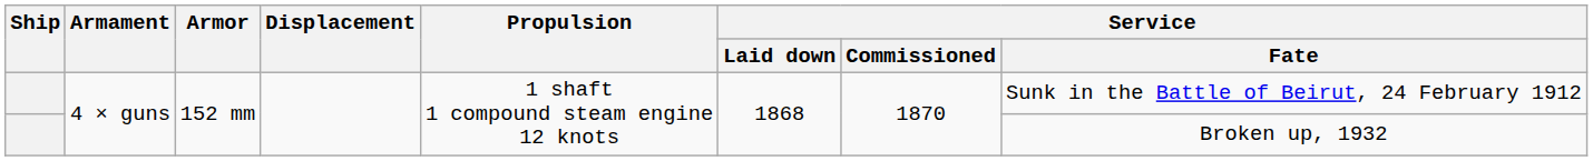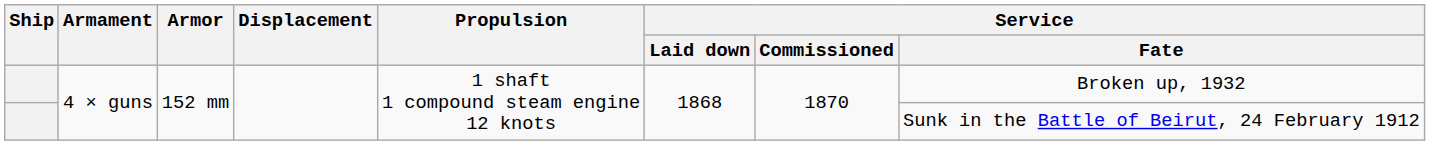 <table class="wikitable plainrowheaders" style="text-align: center;">
 <tr valign="top">
 <th scope="col" rowspan="2">Ship</th>
 <th scope="col" rowspan="2">Armament</th>
 <th scope="col" rowspan="2">Armor</th>
 <th scope="col" rowspan="2">Displacement</th>
 <th scope="col" rowspan="2">Propulsion</th>
 <th scope="col" colspan="3">Service</th>
 </tr>
 <tr valign="top">
 <th scope="col">Laid down</th>
 <th scope="col">Commissioned</th>
 <th scope="col">Fate</th>
 </tr>
 <tr valign="center">
 <th scope="row"></th>
 <td rowspan="2">4 ×  guns</td>
 <td rowspan="2">152 mm</td>
 <td rowspan="2"></td>
 <td rowspan="2">1 shaft<br>1 compound steam engine<br>12 knots</td>
 <td rowspan="2">1868</td>
 <td rowspan="2">1870</td>
-<td>Sunk in the <a href='#'>Battle of Beirut</a>, 24 February 1912</td>
+<td>Broken up, 1932</td>
 </tr>
 <tr valign="center">
 <th scope="row"></th>
-<td>Broken up, 1932</td>
+<td>Sunk in the <a href='#'>Battle of Beirut</a>, 24 February 1912</td>
 </tr>
 </table>
